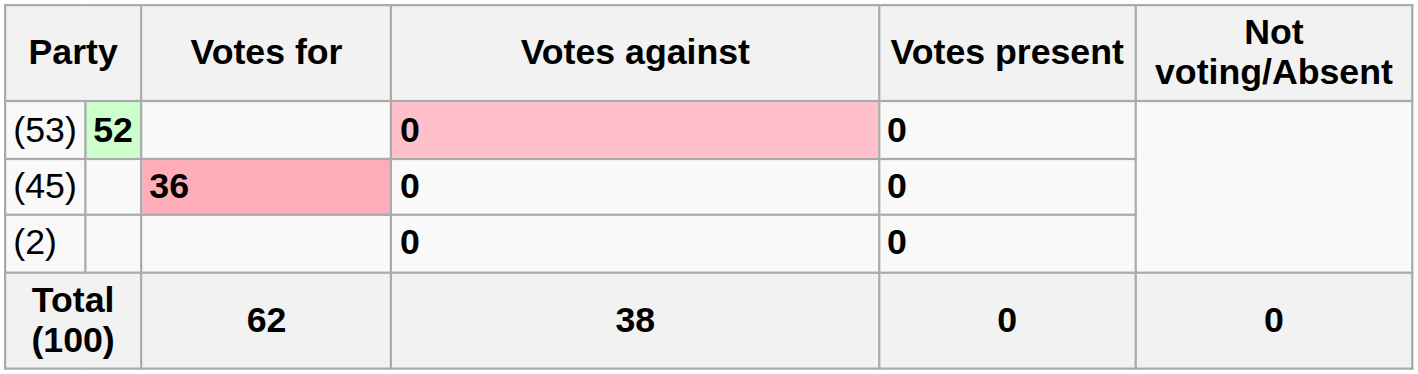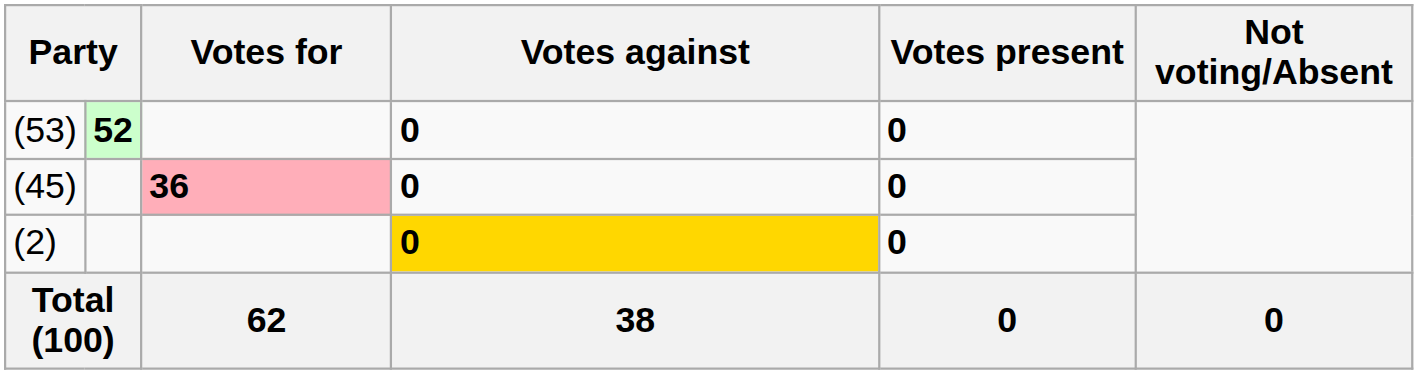 <table class="wikitable mw-collapsible mw-collapsed" style="width:50%;">
 <tr>
 <th colspan="2">Party</th>
 <th style="width:20%;">Votes for</th>
 <th style="width:40%;">Votes against</th>
 <th style="width:20%;">Votes present</th>
 <th style="width:20%;">Not voting/Absent</th>
 </tr>
 <tr>
 <td> (53)</td>
 <td style="background:#cfc;"><strong>52</strong></td>
 <td></td>
-<td style="background: pink;"><strong>0</strong></td>
+<td><strong>0</strong></td>
 <td><strong>0</strong></td>
 </tr>
 <tr>
 <td> (45)</td>
 <td></td>
 <td style="background:#ffaeb9;"><strong>36</strong></td>
 <td><strong>0</strong></td>
 <td><strong>0</strong></td>
 </tr>
 <tr>
 <td> (2)</td>
 <td></td>
 <td></td>
-<td><strong>0</strong></td>
+<td style="background: gold;"><strong>0</strong></td>
 <td><strong>0</strong></td>
 </tr>
 <tr>
 <th colspan="2">Total (100)</th>
 <th><strong>62</strong></th>
 <th>38</th>
 <th>0</th>
 <th>0</th>
 </tr>
 </table>
